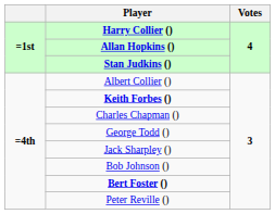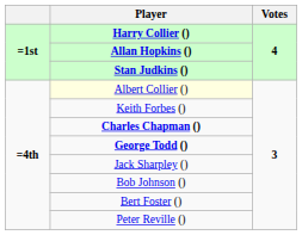 <table class="wikitable" style="text-align: center; font-size: 90%;">
 <tr>
 <th width="50"></th>
 <th width="250">Player</th>
 <th width="50">Votes</th>
 </tr>
 <tr style="background: #CCFFCC;">
 <td rowspan=3><strong>=1st</strong></td>
 <td><strong><a href='#'>Harry Collier</a> ()</strong></td>
 <td rowspan=3><strong>4</strong></td>
 </tr>
 <tr style="background: #CCFFCC;">
 <td><strong><a href='#'>Allan Hopkins</a> ()</strong></td>
 </tr>
 <tr style="background: #CCFFCC;">
 <td><strong><a href='#'>Stan Judkins</a> ()</strong></td>
 </tr>
 <tr>
 <td rowspan=8><strong>=4th</strong></td>
-<td><a href='#'>Albert Collier</a> ()</td>
+<td style="background: lightyellow;"><a href='#'>Albert Collier</a> ()</td>
 <td rowspan=8><strong>3</strong></td>
 </tr>
 <tr>
-<td><strong><a href='#'>Keith Forbes</a> ()</strong></td>
+<td><a href='#'>Keith Forbes</a> ()</td>
 </tr>
 <tr>
-<td><a href='#'>Charles Chapman</a> ()</td>
+<td><strong><a href='#'>Charles Chapman</a> ()</strong></td>
 </tr>
 <tr>
-<td><a href='#'>George Todd</a> ()</td>
+<td><strong><a href='#'>George Todd</a> ()</strong></td>
 </tr>
 <tr>
 <td><a href='#'>Jack Sharpley</a> ()</td>
 </tr>
 <tr>
 <td><a href='#'>Bob Johnson</a> ()</td>
 </tr>
 <tr>
-<td><strong><a href='#'>Bert Foster</a> ()</strong></td>
+<td><a href='#'>Bert Foster</a> ()</td>
 </tr>
 <tr>
 <td><a href='#'>Peter Reville</a> ()</td>
 </tr>
 </table>
